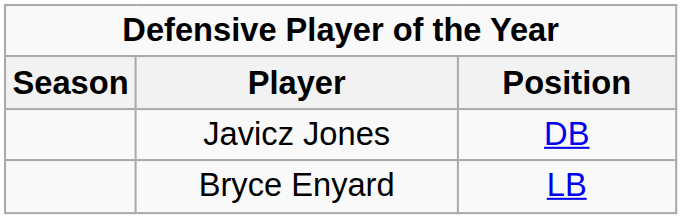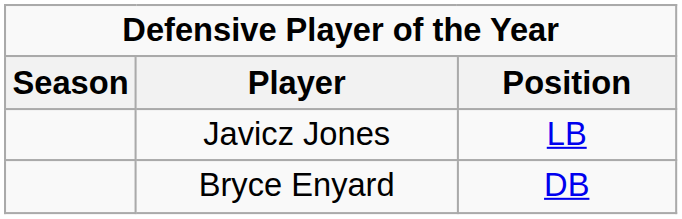 <table class="wikitable sortable" style="text-align:center">
 <tr>
 <td colspan="4"><strong>Defensive Player of the Year</strong></td>
 </tr>
 <tr>
 <th style="width:50px; ">Season</th>
 <th style="width:150px; ">Player</th>
 <th style="width:100px; ">Position</th>
 </tr>
 <tr>
 <td></td>
 <td>Javicz Jones</td>
-<td><a href='#'>DB</a></td>
+<td><a href='#'>LB</a></td>
 </tr>
 <tr>
 <td></td>
 <td>Bryce Enyard</td>
-<td><a href='#'>LB</a></td>
+<td><a href='#'>DB</a></td>
 </tr>
 </table>
